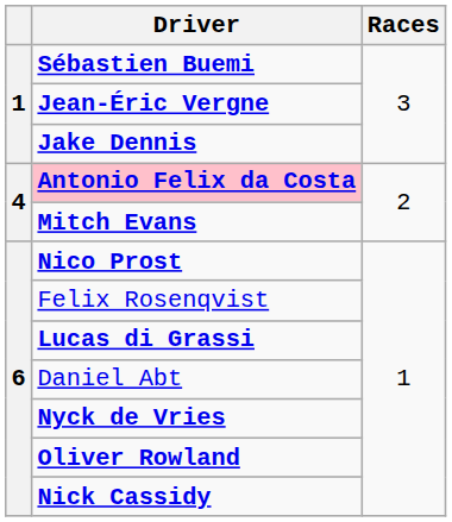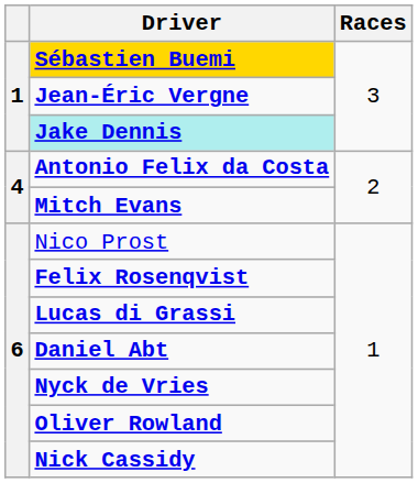 <table class="wikitable">
 <tr>
 <th></th>
 <th>Driver</th>
 <th>Races</th>
 </tr>
 <tr>
 <th rowspan=3>1</th>
-<td> <strong><a href='#'>Sébastien Buemi</a></strong></td>
+<td style="background: gold;"> <strong><a href='#'>Sébastien Buemi</a></strong></td>
 <td rowspan=3 align=center>3</td>
 </tr>
 <tr>
 <td> <strong><a href='#'>Jean-Éric Vergne</a></strong></td>
 </tr>
 <tr>
-<td> <strong><a href='#'>Jake Dennis</a></strong></td>
+<td style="background: paleturquoise;"> <strong><a href='#'>Jake Dennis</a></strong></td>
 </tr>
 <tr>
 <th rowspan=2>4</th>
-<td style="background: pink;"> <strong><a href='#'>Antonio Felix da Costa</a></strong></td>
+<td> <strong><a href='#'>Antonio Felix da Costa</a></strong></td>
 <td rowspan=2 align=center>2</td>
 </tr>
 <tr>
 <td> <strong><a href='#'>Mitch Evans</a></strong></td>
 </tr>
 <tr>
 <th rowspan=8>6</th>
-<td><strong> <a href='#'>Nico Prost</a></strong></td>
+<td> <a href='#'>Nico Prost</a></td>
 <td rowspan=8 align=center>1</td>
 </tr>
 <tr>
-<td> <a href='#'>Felix Rosenqvist</a></td>
+<td><strong> <a href='#'>Felix Rosenqvist</a></strong></td>
 </tr>
 <tr>
 <td> <strong><a href='#'>Lucas di Grassi</a></strong></td>
 </tr>
 <tr>
-<td> <a href='#'>Daniel Abt</a></td>
+<td><strong> <a href='#'>Daniel Abt</a></strong></td>
 </tr>
 <tr>
 <td> <strong><a href='#'>Nyck de Vries</a></strong></td>
 </tr>
 <tr>
 <td> <strong><a href='#'>Oliver Rowland</a></strong></td>
 </tr>
 <tr>
 <td> <strong><a href='#'>Nick Cassidy</a></strong></td>
 </tr>
 </table>
